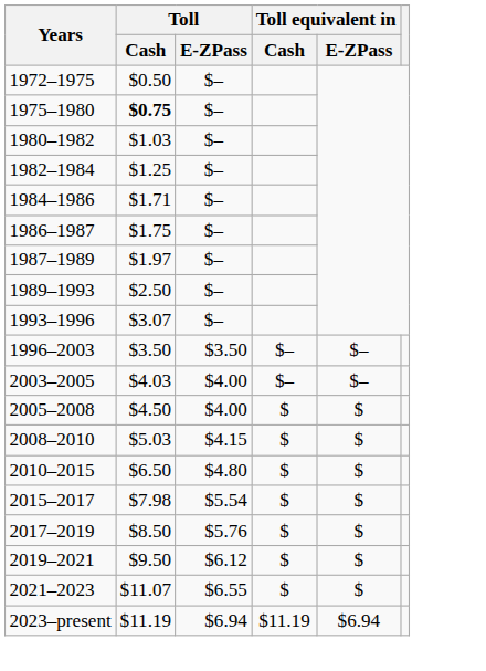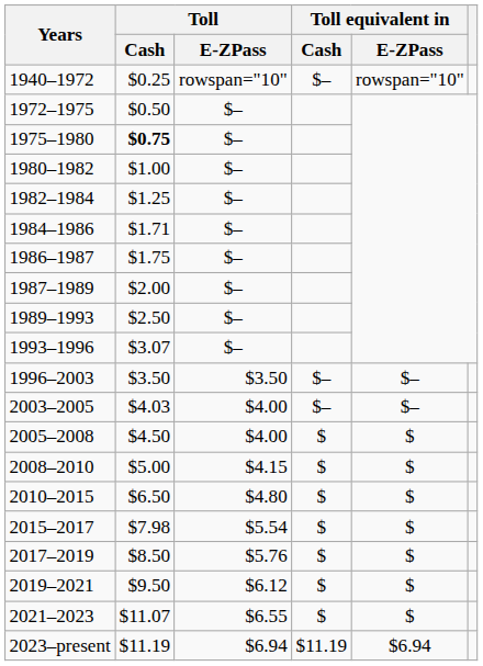 <table class="wikitable sortable">
 <tr>
 <th rowspan="2" scope="col">Years</th>
 <th colspan="2" scope="col">Toll</th>
 <th colspan="2" scope="col">Toll equivalent in </th>
 <th rowspan="2" class="unsortable"></th>
 </tr>
 <tr>
 <th>Cash</th>
 <th>E-ZPass</th>
 <th>Cash</th>
 <th>E-ZPass</th>
+</tr>
+<tr>
+<td>1940–1972</td>
+<td align="right">$0.25</td>
+<td>rowspan="10" </td>
+<td align="center">$–</td>
+<td>rowspan="10" </td>
+<td></td>
 </tr>
 <tr>
 <td>1972–1975</td>
 <td align="right">$0.50</td>
 <td align="center">$–</td>
 <td></td>
 </tr>
 <tr>
 <td>1975–1980</td>
 <td align="right"><strong>$0.75</strong></td>
 <td align="center">$–</td>
 <td></td>
 </tr>
 <tr>
 <td>1980–1982</td>
-<td align="right">$1.03</td>
+<td align="right">$1.00</td>
 <td align="center">$–</td>
 <td></td>
 </tr>
 <tr>
 <td>1982–1984</td>
 <td align="right">$1.25</td>
 <td align="center">$–</td>
 <td></td>
 </tr>
 <tr>
 <td>1984–1986</td>
 <td align="right">$1.71</td>
 <td align="center">$–</td>
 <td></td>
 </tr>
 <tr>
 <td>1986–1987</td>
 <td align="right">$1.75</td>
 <td align="center">$–</td>
 <td></td>
 </tr>
 <tr>
 <td>1987–1989</td>
-<td align="right">$1.97</td>
+<td align="right">$2.00</td>
 <td align="center">$–</td>
 <td></td>
 </tr>
 <tr>
 <td>1989–1993</td>
 <td align="right">$2.50</td>
 <td align="center">$–</td>
 <td></td>
 </tr>
 <tr>
 <td>1993–1996</td>
 <td align="right">$3.07</td>
 <td align="center">$–</td>
 <td></td>
 </tr>
 <tr>
 <td>1996–2003</td>
 <td align="right">$3.50</td>
 <td align="right">$3.50</td>
 <td align="center">$–</td>
 <td align="center">$–</td>
 <td></td>
 </tr>
 <tr>
 <td>2003–2005</td>
 <td align="right">$4.03</td>
 <td align="right">$4.00</td>
 <td align="center">$–</td>
 <td align="center">$–</td>
 <td></td>
 </tr>
 <tr>
 <td>2005–2008</td>
 <td align="right">$4.50</td>
 <td align="right">$4.00</td>
 <td align="center">$</td>
 <td align="center">$</td>
 <td></td>
 </tr>
 <tr>
 <td>2008–2010</td>
-<td align="right">$5.03</td>
+<td align="right">$5.00</td>
 <td align="right">$4.15</td>
 <td align="center">$</td>
 <td align="center">$</td>
 <td></td>
 </tr>
 <tr>
 <td>2010–2015</td>
 <td align="right">$6.50</td>
 <td align="right">$4.80</td>
 <td align="center">$</td>
 <td align="center">$</td>
 <td></td>
 </tr>
 <tr>
 <td>2015–2017</td>
 <td align="right">$7.98</td>
 <td align="right">$5.54</td>
 <td align="center">$</td>
 <td align="center">$</td>
 <td></td>
 </tr>
 <tr>
 <td>2017–2019</td>
 <td align="right">$8.50</td>
 <td align="right">$5.76</td>
 <td align="center">$</td>
 <td align="center">$</td>
 <td></td>
 </tr>
 <tr>
 <td>2019–2021</td>
 <td align="right">$9.50</td>
 <td align="right">$6.12</td>
 <td align="center">$</td>
 <td align="center">$</td>
 <td></td>
 </tr>
 <tr>
 <td>2021–2023</td>
 <td align="right">$11.07</td>
 <td align="right">$6.55</td>
 <td align="center">$</td>
 <td align="center">$</td>
 <td></td>
 </tr>
 <tr>
 <td>2023–present</td>
 <td align="right">$11.19</td>
 <td align="right">$6.94</td>
 <td align="center">$11.19</td>
 <td align="center">$6.94</td>
 <td></td>
 </tr>
 </table>
